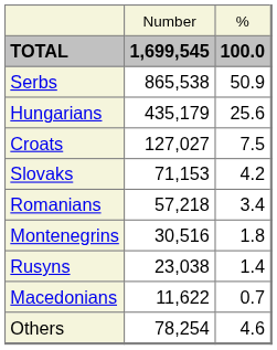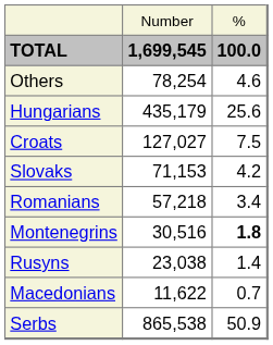 <table border=1 cellpadding=4 cellspacing=0 class="toccolours" style="align: left; margin: 0.5em 0 0 0; border-style: solid; border: 1px solid #7f7f7f; border-right-width: 2px; border-bottom-width: 2px; border-collapse: collapse; font-size: 95%;">
 <tr>
 <td style="background:#F5F5DC;"></td>
 <td style="background:#F5F5DC;" align="center"><small>Number</small></td>
 <td style="background:#F5F5DC;" align="center"><small>%</small></td>
 </tr>
 <tr>
 <td style="background:#c1c1c1;"><strong>TOTAL</strong></td>
 <td colspan=1 style="background:#c1c1c1;" align="center"><strong>1,699,545</strong></td>
 <td colspan=1 style="background:#c1c1c1;" align="center"><strong>100.0</strong></td>
 </tr>
 <tr>
-<td style="background:#F5F5DC;"><a href='#'>Serbs</a></td>
-<td align="right">865,538</td>
-<td align="right">50.9</td>
+<td style="background:#F5F5DC;">Others</td>
+<td align="right">78,254</td>
+<td align="right">4.6</td>
 </tr>
 <tr>
 <td style="background:#F5F5DC;"><a href='#'>Hungarians</a></td>
 <td align="right">435,179</td>
 <td align="right">25.6</td>
 </tr>
 <tr>
 <td style="background:#F5F5DC;"><a href='#'>Croats</a></td>
 <td align="right">127,027</td>
 <td align="right">7.5</td>
 </tr>
 <tr>
 <td style="background:#F5F5DC;"><a href='#'>Slovaks</a></td>
 <td align="right">71,153</td>
 <td align="right">4.2</td>
 </tr>
 <tr>
 <td style="background:#F5F5DC;"><a href='#'>Romanians</a></td>
 <td align="right">57,218</td>
 <td align="right">3.4</td>
 </tr>
 <tr>
 <td style="background:#F5F5DC;"><a href='#'>Montenegrins</a></td>
 <td align="right">30,516</td>
-<td align="right">1.8</td>
+<td align="right"><strong>1.8</strong></td>
 </tr>
 <tr>
 <td style="background:#F5F5DC;"><a href='#'>Rusyns</a></td>
 <td align="right">23,038</td>
 <td align="right">1.4</td>
 </tr>
 <tr>
 <td style="background:#F5F5DC;"><a href='#'>Macedonians</a></td>
 <td align="right">11,622</td>
 <td align="right">0.7</td>
 </tr>
 <tr>
-<td style="background:#F5F5DC;">Others</td>
-<td align="right">78,254</td>
-<td align="right">4.6</td>
+<td style="background:#F5F5DC;"><a href='#'>Serbs</a></td>
+<td align="right">865,538</td>
+<td align="right">50.9</td>
 </tr>
 </table>
